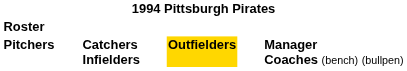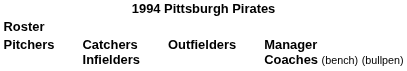 <table class="toccolours" style="font-size: 95%;">
 <tr>
 <th colspan="10">1994 Pittsburgh Pirates</th>
 </tr>
 <tr>
 <td colspan="10"><strong>Roster</strong></td>
 </tr>
 <tr>
 <td valign="top"><strong>Pitchers</strong><br>                 </td>
 <td width="25px"></td>
 <td valign="top"><strong>Catchers</strong><br>   <strong>Infielders</strong>         </td>
 <td width="25px"></td>
-<td valign="top" style="background: gold;"><strong>Outfielders</strong><br>        </td>
+<td valign="top"><strong>Outfielders</strong><br>        </td>
 <td width="25px"></td>
 <td valign="top"><strong>Manager</strong><br> <strong>Coaches</strong> </small> </small> </small> </small>  <small>(bench)</small>  <small>(bullpen)</small></td>
 </tr>
 </table>
